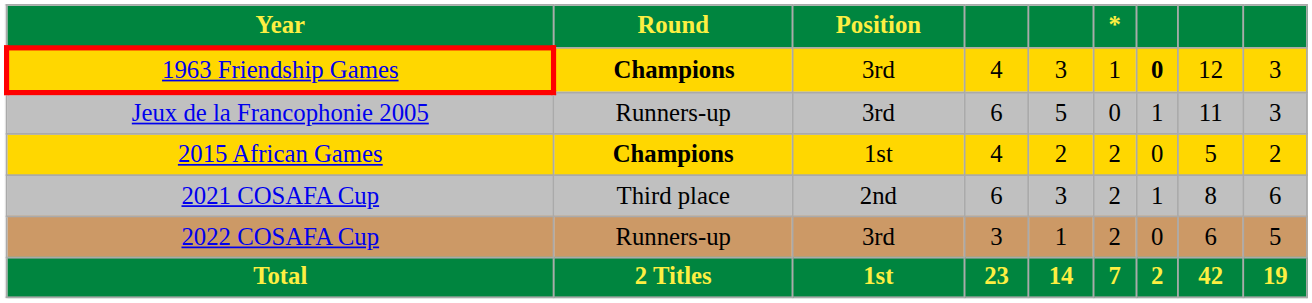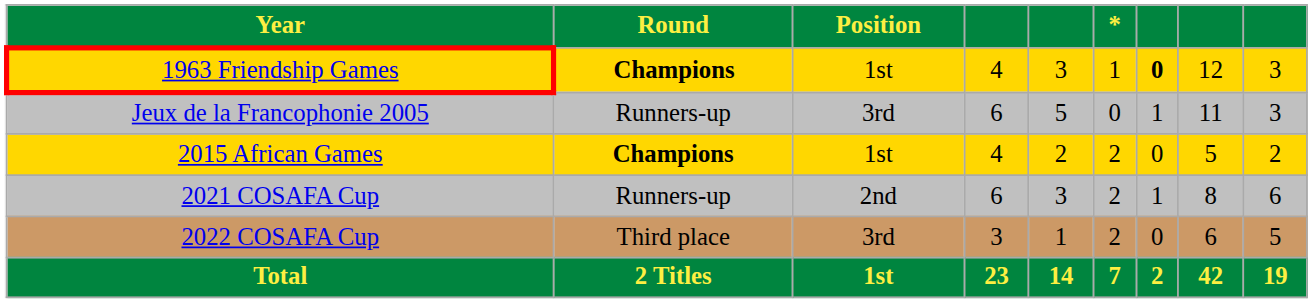 <table class="wikitable" style="font-size:90%; text-align:center;" width="60%">
 <tr>
 <th style="background:#00853F; color:#FDEF42; ">Year</th>
 <th style="background:#00853F; color:#FDEF42; ">Round</th>
 <th style="background:#00853F; color:#FDEF42; ">Position</th>
 <th style="background:#00853F; color:#FDEF42; "></th>
 <th style="background:#00853F; color:#FDEF42; "></th>
 <th style="background:#00853F; color:#FDEF42; ">*</th>
 <th style="background:#00853F; color:#FDEF42; "></th>
 <th style="background:#00853F; color:#FDEF42; "></th>
 <th style="background:#00853F; color:#FDEF42; "></th>
 </tr>
 <tr bgcolor="gold">
 <td style="border: 3px solid red "> <a href='#'>1963 Friendship Games</a></td>
 <td><strong>Champions</strong></td>
-<td>3rd</td>
+<td>1st</td>
 <td>4</td>
 <td>3</td>
 <td>1</td>
 <td><strong>0</strong></td>
 <td>12</td>
 <td>3</td>
 </tr>
 <tr bgcolor="silver">
 <td> <a href='#'>Jeux de la Francophonie 2005</a></td>
 <td>Runners-up</td>
 <td>3rd</td>
 <td>6</td>
 <td>5</td>
 <td>0</td>
 <td>1</td>
 <td>11</td>
 <td>3</td>
 </tr>
 <tr bgcolor="gold">
 <td> <a href='#'>2015 African Games</a></td>
 <td><strong>Champions</strong></td>
 <td>1st</td>
 <td>4</td>
 <td>2</td>
 <td>2</td>
 <td>0</td>
 <td>5</td>
 <td>2</td>
 </tr>
 <tr bgcolor="silver">
 <td> <a href='#'>2021 COSAFA Cup</a></td>
-<td>Third place</td>
+<td>Runners-up</td>
 <td>2nd</td>
 <td>6</td>
 <td>3</td>
 <td>2</td>
 <td>1</td>
 <td>8</td>
 <td>6</td>
 </tr>
 <tr style="background:#cc9966;">
 <td> <a href='#'>2022 COSAFA Cup</a></td>
-<td>Runners-up</td>
+<td>Third place</td>
 <td>3rd</td>
 <td>3</td>
 <td>1</td>
 <td>2</td>
 <td>0</td>
 <td>6</td>
 <td>5</td>
 </tr>
 <tr>
 <th style="background:#00853F; color:#FDEF42; "><strong>Total</strong></th>
 <th style="background:#00853F; color:#FDEF42; "><strong>2 Titles</strong></th>
 <th style="background:#00853F; color:#FDEF42; ">1st</th>
 <th style="background:#00853F; color:#FDEF42; ">23</th>
 <th style="background:#00853F; color:#FDEF42; ">14</th>
 <th style="background:#00853F; color:#FDEF42; ">7</th>
 <th style="background:#00853F; color:#FDEF42; ">2</th>
 <th style="background:#00853F; color:#FDEF42; ">42</th>
 <th style="background:#00853F; color:#FDEF42; ">19</th>
 </tr>
 </table>
